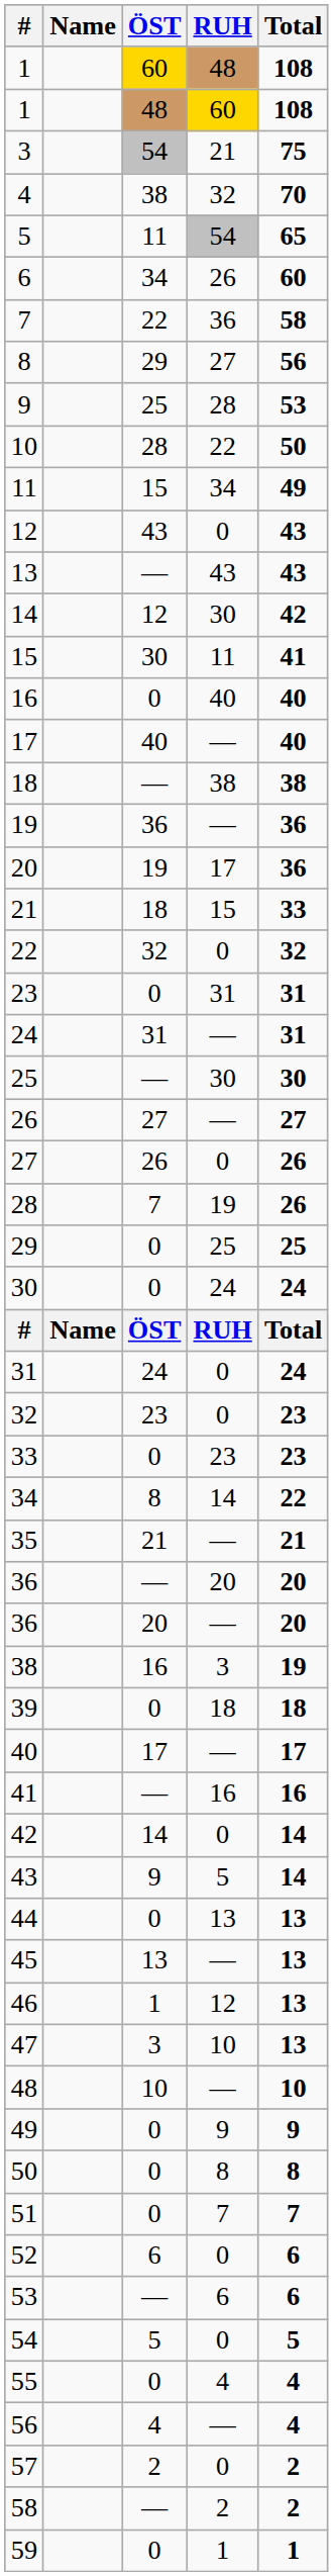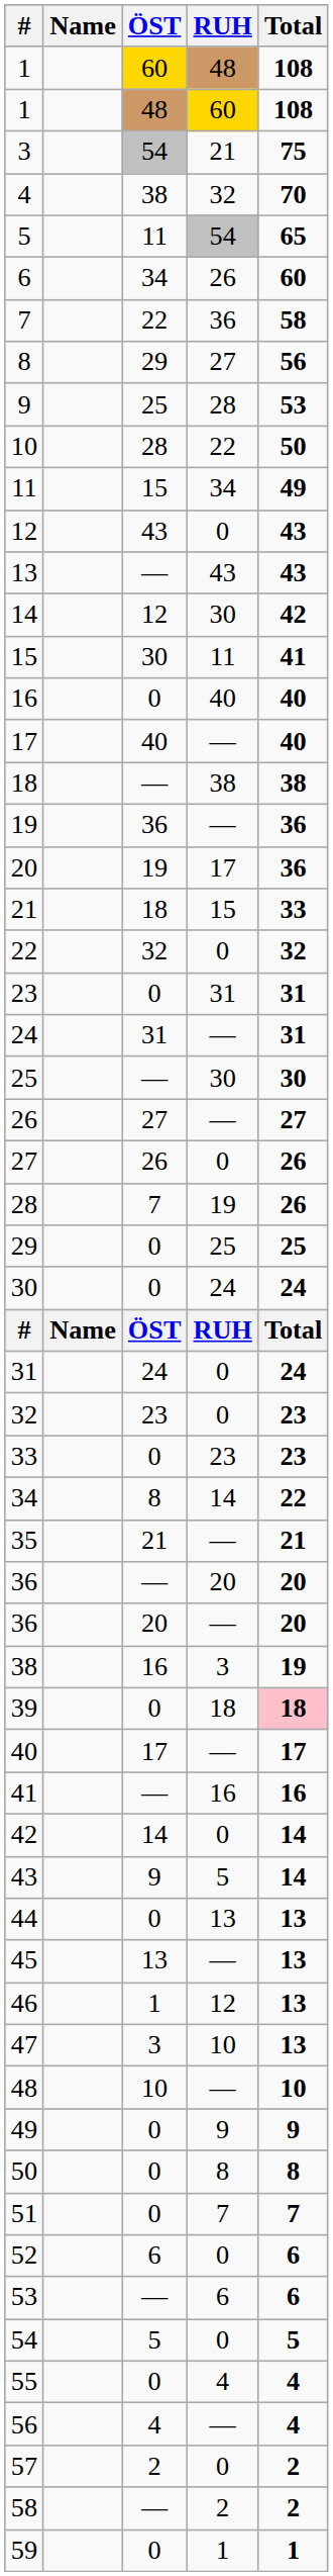 <table class="wikitable sortable" style="text-align:center;">
 <tr>
 <th>#</th>
 <th>Name</th>
 <th><a href='#'>ÖST</a></th>
 <th><a href='#'>RUH</a></th>
 <th><strong>Total</strong> </th>
 </tr>
 <tr>
 <td>1</td>
 <td align="left"></td>
 <td bgcolor="gold">60</td>
 <td bgcolor="CC9966">48</td>
 <td><strong>108</strong></td>
 </tr>
 <tr>
 <td>1</td>
 <td align="left"></td>
 <td bgcolor="CC9966">48</td>
 <td bgcolor="gold">60</td>
 <td><strong>108</strong></td>
 </tr>
 <tr>
 <td>3</td>
 <td align="left"></td>
 <td bgcolor="silver">54</td>
 <td>21</td>
 <td><strong>75</strong></td>
 </tr>
 <tr>
 <td>4</td>
 <td align="left"></td>
 <td>38</td>
 <td>32</td>
 <td><strong>70</strong></td>
 </tr>
 <tr>
 <td>5</td>
 <td align="left"></td>
 <td>11</td>
 <td bgcolor="silver">54</td>
 <td><strong>65</strong></td>
 </tr>
 <tr>
 <td>6</td>
 <td align="left"></td>
 <td>34</td>
 <td>26</td>
 <td><strong>60</strong></td>
 </tr>
 <tr>
 <td>7</td>
 <td align="left"></td>
 <td>22</td>
 <td>36</td>
 <td><strong>58</strong></td>
 </tr>
 <tr>
 <td>8</td>
 <td align="left"></td>
 <td>29</td>
 <td>27</td>
 <td><strong>56</strong></td>
 </tr>
 <tr>
 <td>9</td>
 <td align="left"></td>
 <td>25</td>
 <td>28</td>
 <td><strong>53</strong></td>
 </tr>
 <tr>
 <td>10</td>
 <td align="left"></td>
 <td>28</td>
 <td>22</td>
 <td><strong>50</strong></td>
 </tr>
 <tr>
 <td>11</td>
 <td align="left"></td>
 <td>15</td>
 <td>34</td>
 <td><strong>49</strong></td>
 </tr>
 <tr>
 <td>12</td>
 <td align="left"></td>
 <td>43</td>
 <td>0</td>
 <td><strong>43</strong></td>
 </tr>
 <tr>
 <td>13</td>
 <td align="left"></td>
 <td>—</td>
 <td>43</td>
 <td><strong>43</strong></td>
 </tr>
 <tr>
 <td>14</td>
 <td align="left"></td>
 <td>12</td>
 <td>30</td>
 <td><strong>42</strong></td>
 </tr>
 <tr>
 <td>15</td>
 <td align="left"></td>
 <td>30</td>
 <td>11</td>
 <td><strong>41</strong></td>
 </tr>
 <tr>
 <td>16</td>
 <td align="left"></td>
 <td>0</td>
 <td>40</td>
 <td><strong>40</strong></td>
 </tr>
 <tr>
 <td>17</td>
 <td align="left"></td>
 <td>40</td>
 <td>—</td>
 <td><strong>40</strong></td>
 </tr>
 <tr>
 <td>18</td>
 <td align="left"></td>
 <td>—</td>
 <td>38</td>
 <td><strong>38</strong></td>
 </tr>
 <tr>
 <td>19</td>
 <td align="left"></td>
 <td>36</td>
 <td>—</td>
 <td><strong>36</strong></td>
 </tr>
 <tr>
 <td>20</td>
 <td align="left"></td>
 <td>19</td>
 <td>17</td>
 <td><strong>36</strong></td>
 </tr>
 <tr>
 <td>21</td>
 <td align="left"></td>
 <td>18</td>
 <td>15</td>
 <td><strong>33</strong></td>
 </tr>
 <tr>
 <td>22</td>
 <td align="left"></td>
 <td>32</td>
 <td>0</td>
 <td><strong>32</strong></td>
 </tr>
 <tr>
 <td>23</td>
 <td align="left"></td>
 <td>0</td>
 <td>31</td>
 <td><strong>31</strong></td>
 </tr>
 <tr>
 <td>24</td>
 <td align="left"></td>
 <td>31</td>
 <td>—</td>
 <td><strong>31</strong></td>
 </tr>
 <tr>
 <td>25</td>
 <td align="left"></td>
 <td>—</td>
 <td>30</td>
 <td><strong>30</strong></td>
 </tr>
 <tr>
 <td>26</td>
 <td align="left"></td>
 <td>27</td>
 <td>—</td>
 <td><strong>27</strong></td>
 </tr>
 <tr>
 <td>27</td>
 <td align="left"></td>
 <td>26</td>
 <td>0</td>
 <td><strong>26</strong></td>
 </tr>
 <tr>
 <td>28</td>
 <td align="left"></td>
 <td>7</td>
 <td>19</td>
 <td><strong>26</strong></td>
 </tr>
 <tr>
 <td>29</td>
 <td align="left"></td>
 <td>0</td>
 <td>25</td>
 <td><strong>25</strong></td>
 </tr>
 <tr>
 <td>30</td>
 <td align="left"></td>
 <td>0</td>
 <td>24</td>
 <td><strong>24</strong></td>
 </tr>
 <tr>
 <th>#</th>
 <th>Name</th>
 <th><a href='#'>ÖST</a></th>
 <th><a href='#'>RUH</a></th>
 <th><strong>Total</strong></th>
 </tr>
 <tr>
 <td>31</td>
 <td align="left"></td>
 <td>24</td>
 <td>0</td>
 <td><strong>24</strong></td>
 </tr>
 <tr>
 <td>32</td>
 <td align="left"></td>
 <td>23</td>
 <td>0</td>
 <td><strong>23</strong></td>
 </tr>
 <tr>
 <td>33</td>
 <td align="left"></td>
 <td>0</td>
 <td>23</td>
 <td><strong>23</strong></td>
 </tr>
 <tr>
 <td>34</td>
 <td align="left"></td>
 <td>8</td>
 <td>14</td>
 <td><strong>22</strong></td>
 </tr>
 <tr>
 <td>35</td>
 <td align="left"></td>
 <td>21</td>
 <td>—</td>
 <td><strong>21</strong></td>
 </tr>
 <tr>
 <td>36</td>
 <td align="left"></td>
 <td>—</td>
 <td>20</td>
 <td><strong>20</strong></td>
 </tr>
 <tr>
 <td>36</td>
 <td align="left"></td>
 <td>20</td>
 <td>—</td>
 <td><strong>20</strong></td>
 </tr>
 <tr>
 <td>38</td>
 <td align="left"></td>
 <td>16</td>
 <td>3</td>
 <td><strong>19</strong></td>
 </tr>
 <tr>
 <td>39</td>
 <td align="left"></td>
 <td>0</td>
 <td>18</td>
-<td><strong>18</strong></td>
+<td style="background: pink;"><strong>18</strong></td>
 </tr>
 <tr>
 <td>40</td>
 <td align="left"></td>
 <td>17</td>
 <td>—</td>
 <td><strong>17</strong></td>
 </tr>
 <tr>
 <td>41</td>
 <td align="left"></td>
 <td>—</td>
 <td>16</td>
 <td><strong>16</strong></td>
 </tr>
 <tr>
 <td>42</td>
 <td align="left"></td>
 <td>14</td>
 <td>0</td>
 <td><strong>14</strong></td>
 </tr>
 <tr>
 <td>43</td>
 <td align="left"></td>
 <td>9</td>
 <td>5</td>
 <td><strong>14</strong></td>
 </tr>
 <tr>
 <td>44</td>
 <td align="left"></td>
 <td>0</td>
 <td>13</td>
 <td><strong>13</strong></td>
 </tr>
 <tr>
 <td>45</td>
 <td align="left"></td>
 <td>13</td>
 <td>—</td>
 <td><strong>13</strong></td>
 </tr>
 <tr>
 <td>46</td>
 <td align="left"></td>
 <td>1</td>
 <td>12</td>
 <td><strong>13</strong></td>
 </tr>
 <tr>
 <td>47</td>
 <td align="left"></td>
 <td>3</td>
 <td>10</td>
 <td><strong>13</strong></td>
 </tr>
 <tr>
 <td>48</td>
 <td align="left"></td>
 <td>10</td>
 <td>—</td>
 <td><strong>10</strong></td>
 </tr>
 <tr>
 <td>49</td>
 <td align="left"></td>
 <td>0</td>
 <td>9</td>
 <td><strong>9</strong></td>
 </tr>
 <tr>
 <td>50</td>
 <td align="left"></td>
 <td>0</td>
 <td>8</td>
 <td><strong>8</strong></td>
 </tr>
 <tr>
 <td>51</td>
 <td align="left"></td>
 <td>0</td>
 <td>7</td>
 <td><strong>7</strong></td>
 </tr>
 <tr>
 <td>52</td>
 <td align="left"></td>
 <td>6</td>
 <td>0</td>
 <td><strong>6</strong></td>
 </tr>
 <tr>
 <td>53</td>
 <td align="left"></td>
 <td>—</td>
 <td>6</td>
 <td><strong>6</strong></td>
 </tr>
 <tr>
 <td>54</td>
 <td align="left"></td>
 <td>5</td>
 <td>0</td>
 <td><strong>5</strong></td>
 </tr>
 <tr>
 <td>55</td>
 <td align="left"></td>
 <td>0</td>
 <td>4</td>
 <td><strong>4</strong></td>
 </tr>
 <tr>
 <td>56</td>
 <td align="left"></td>
 <td>4</td>
 <td>—</td>
 <td><strong>4</strong></td>
 </tr>
 <tr>
 <td>57</td>
 <td align="left"></td>
 <td>2</td>
 <td>0</td>
 <td><strong>2</strong></td>
 </tr>
 <tr>
 <td>58</td>
 <td align="left"></td>
 <td>—</td>
 <td>2</td>
 <td><strong>2</strong></td>
 </tr>
 <tr>
 <td>59</td>
 <td align="left"></td>
 <td>0</td>
 <td>1</td>
 <td><strong>1</strong></td>
 </tr>
 </table>
